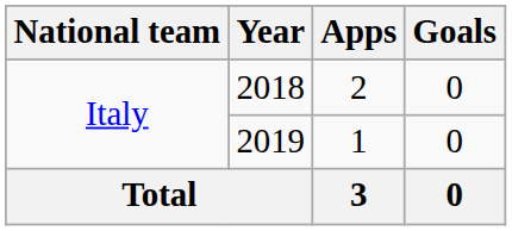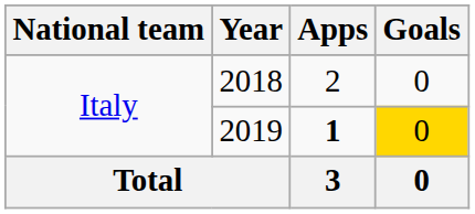 <table class="wikitable" style="text-align:center">
 <tr>
 <th>National team</th>
 <th>Year</th>
 <th>Apps</th>
 <th>Goals</th>
 </tr>
 <tr>
 <td rowspan="2"><a href='#'>Italy</a></td>
 <td>2018</td>
 <td>2</td>
 <td>0</td>
 </tr>
 <tr>
 <td>2019</td>
-<td>1</td>
-<td>0</td>
+<td><strong>1</strong></td>
+<td style="background: gold;">0</td>
 </tr>
 <tr>
 <th colspan="2">Total</th>
 <th>3</th>
 <th>0</th>
 </tr>
 </table>
